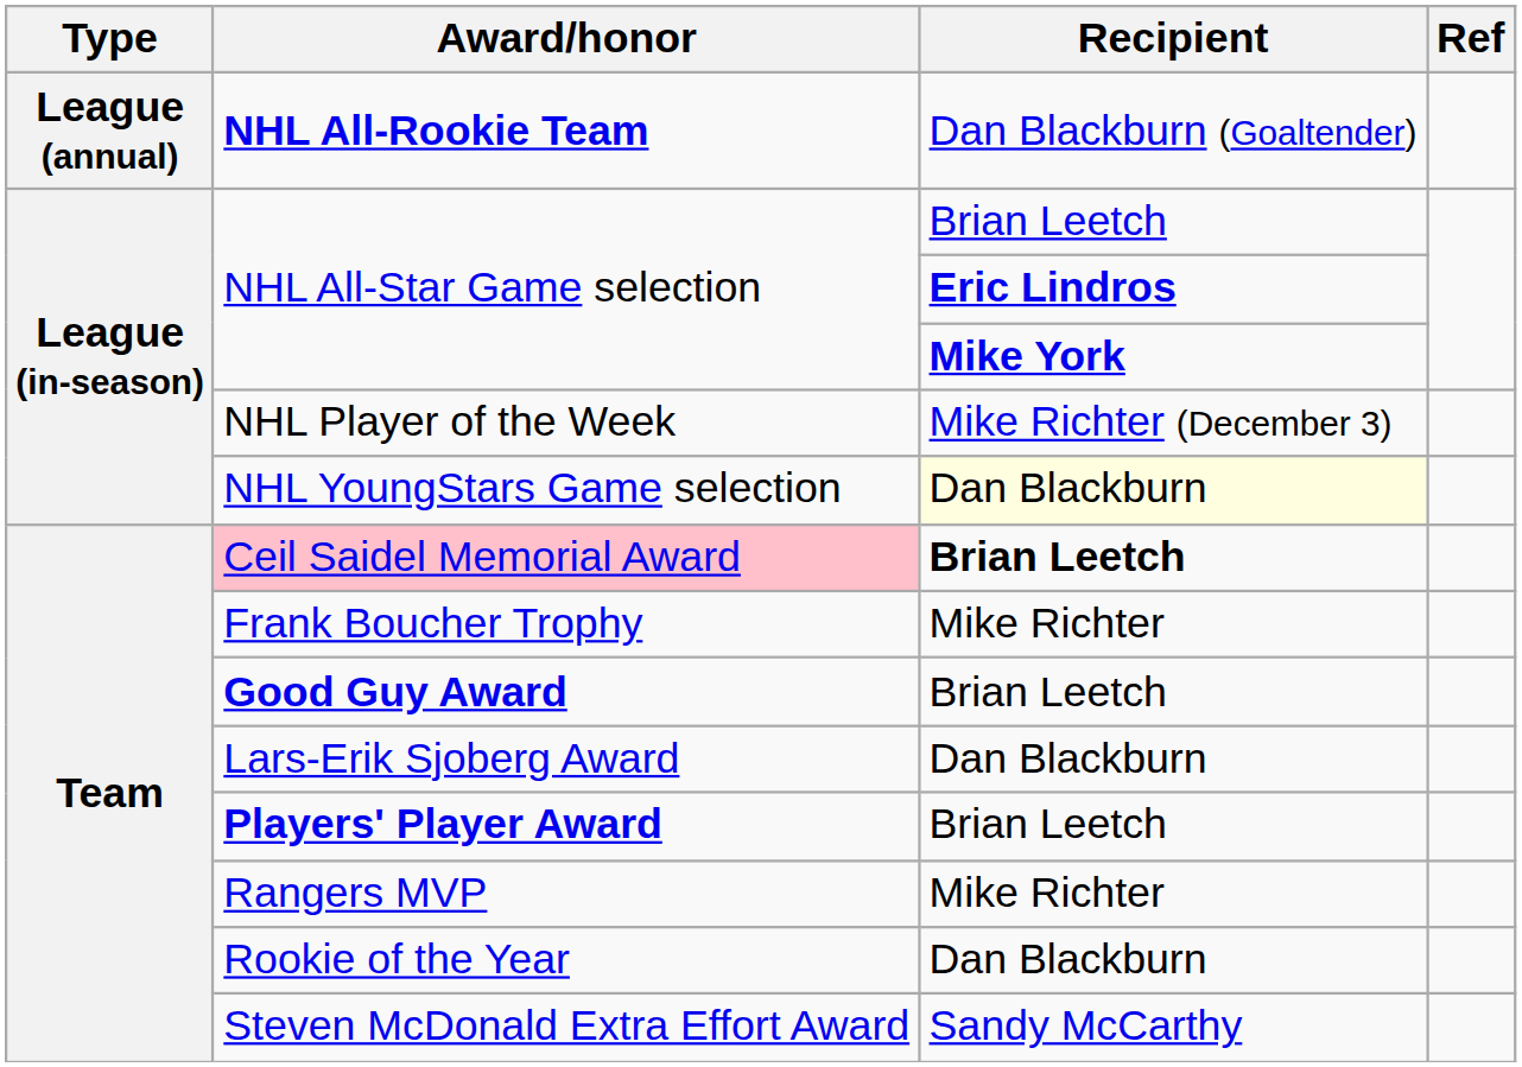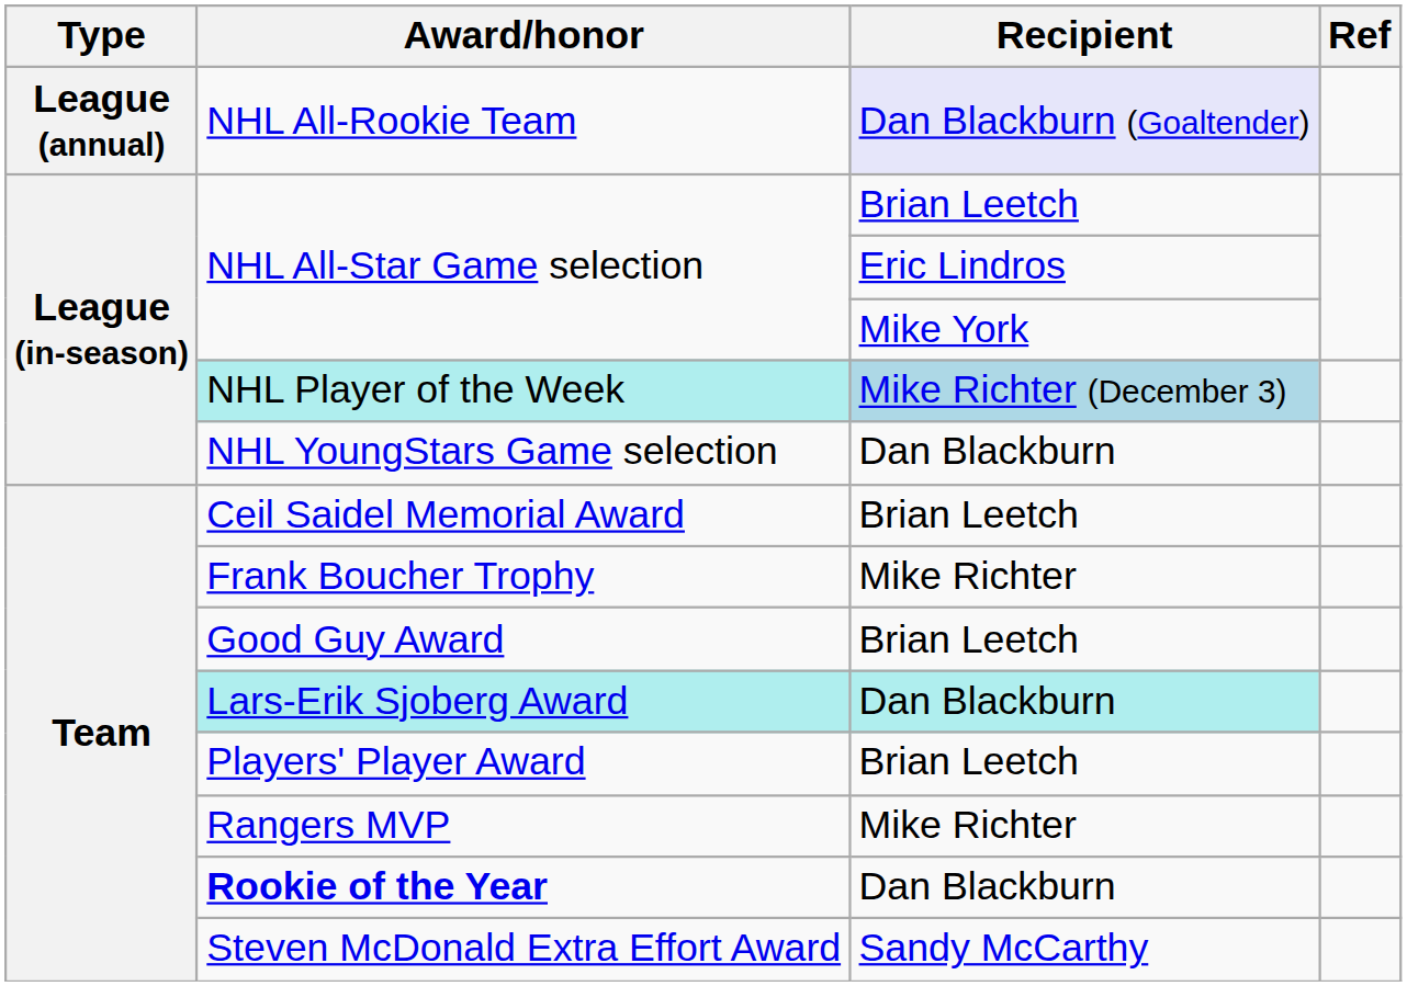 <table class="wikitable">
 <tr>
 <th scope="col">Type</th>
 <th scope="col">Award/honor</th>
 <th scope="col">Recipient</th>
 <th scope="col">Ref</th>
 </tr>
 <tr>
 <th scope="row">League<br><small>(annual)</small></th>
-<td><strong><a href='#'>NHL All-Rookie Team</a></strong></td>
-<td><a href='#'>Dan Blackburn</a> <small>(<a href='#'>Goaltender</a>)</small></td>
+<td><a href='#'>NHL All-Rookie Team</a></td>
+<td style="background: lavender;"><a href='#'>Dan Blackburn</a> <small>(<a href='#'>Goaltender</a>)</small></td>
 <td></td>
 </tr>
 <tr>
 <th scope="row" rowspan="5">League<br><small>(in-season)</small></th>
 <td rowspan="3"><a href='#'>NHL All-Star Game</a> selection</td>
 <td><a href='#'>Brian Leetch</a></td>
 <td rowspan="3"></td>
 </tr>
 <tr>
-<td><strong><a href='#'>Eric Lindros</a></strong></td>
+<td><a href='#'>Eric Lindros</a></td>
 </tr>
 <tr>
-<td><strong><a href='#'>Mike York</a></strong></td>
+<td><a href='#'>Mike York</a></td>
 </tr>
 <tr>
-<td>NHL Player of the Week</td>
-<td><a href='#'>Mike Richter</a> <small>(December 3)</small></td>
+<td style="background: paleturquoise;">NHL Player of the Week</td>
+<td style="background: lightblue;"><a href='#'>Mike Richter</a> <small>(December 3)</small></td>
 <td></td>
 </tr>
 <tr>
 <td><a href='#'>NHL YoungStars Game</a> selection</td>
-<td style="background: lightyellow;">Dan Blackburn</td>
+<td>Dan Blackburn</td>
 <td></td>
 </tr>
 <tr>
 <th scope="row" rowspan="9">Team</th>
-<td style="background: pink;"><a href='#'>Ceil Saidel Memorial Award</a></td>
-<td><strong>Brian Leetch</strong></td>
+<td><a href='#'>Ceil Saidel Memorial Award</a></td>
+<td>Brian Leetch</td>
 <td></td>
 </tr>
 <tr>
 <td><a href='#'>Frank Boucher Trophy</a></td>
 <td>Mike Richter</td>
 <td></td>
 </tr>
 <tr>
-<td><strong><a href='#'>Good Guy Award</a></strong></td>
+<td><a href='#'>Good Guy Award</a></td>
 <td>Brian Leetch</td>
 <td></td>
 </tr>
 <tr>
-<td><a href='#'>Lars-Erik Sjoberg Award</a></td>
-<td>Dan Blackburn</td>
+<td style="background: paleturquoise;"><a href='#'>Lars-Erik Sjoberg Award</a></td>
+<td style="background: paleturquoise;">Dan Blackburn</td>
 <td></td>
 </tr>
 <tr>
-<td><strong><a href='#'>Players' Player Award</a></strong></td>
+<td><a href='#'>Players' Player Award</a></td>
 <td>Brian Leetch</td>
 <td></td>
 </tr>
 <tr>
 <td><a href='#'>Rangers MVP</a></td>
 <td>Mike Richter</td>
 <td></td>
 </tr>
 <tr>
-<td><a href='#'>Rookie of the Year</a></td>
+<td><strong><a href='#'>Rookie of the Year</a></strong></td>
 <td>Dan Blackburn</td>
 <td></td>
 </tr>
 <tr>
 <td><a href='#'>Steven McDonald Extra Effort Award</a></td>
 <td><a href='#'>Sandy McCarthy</a></td>
 <td></td>
 </tr>
 </table>
